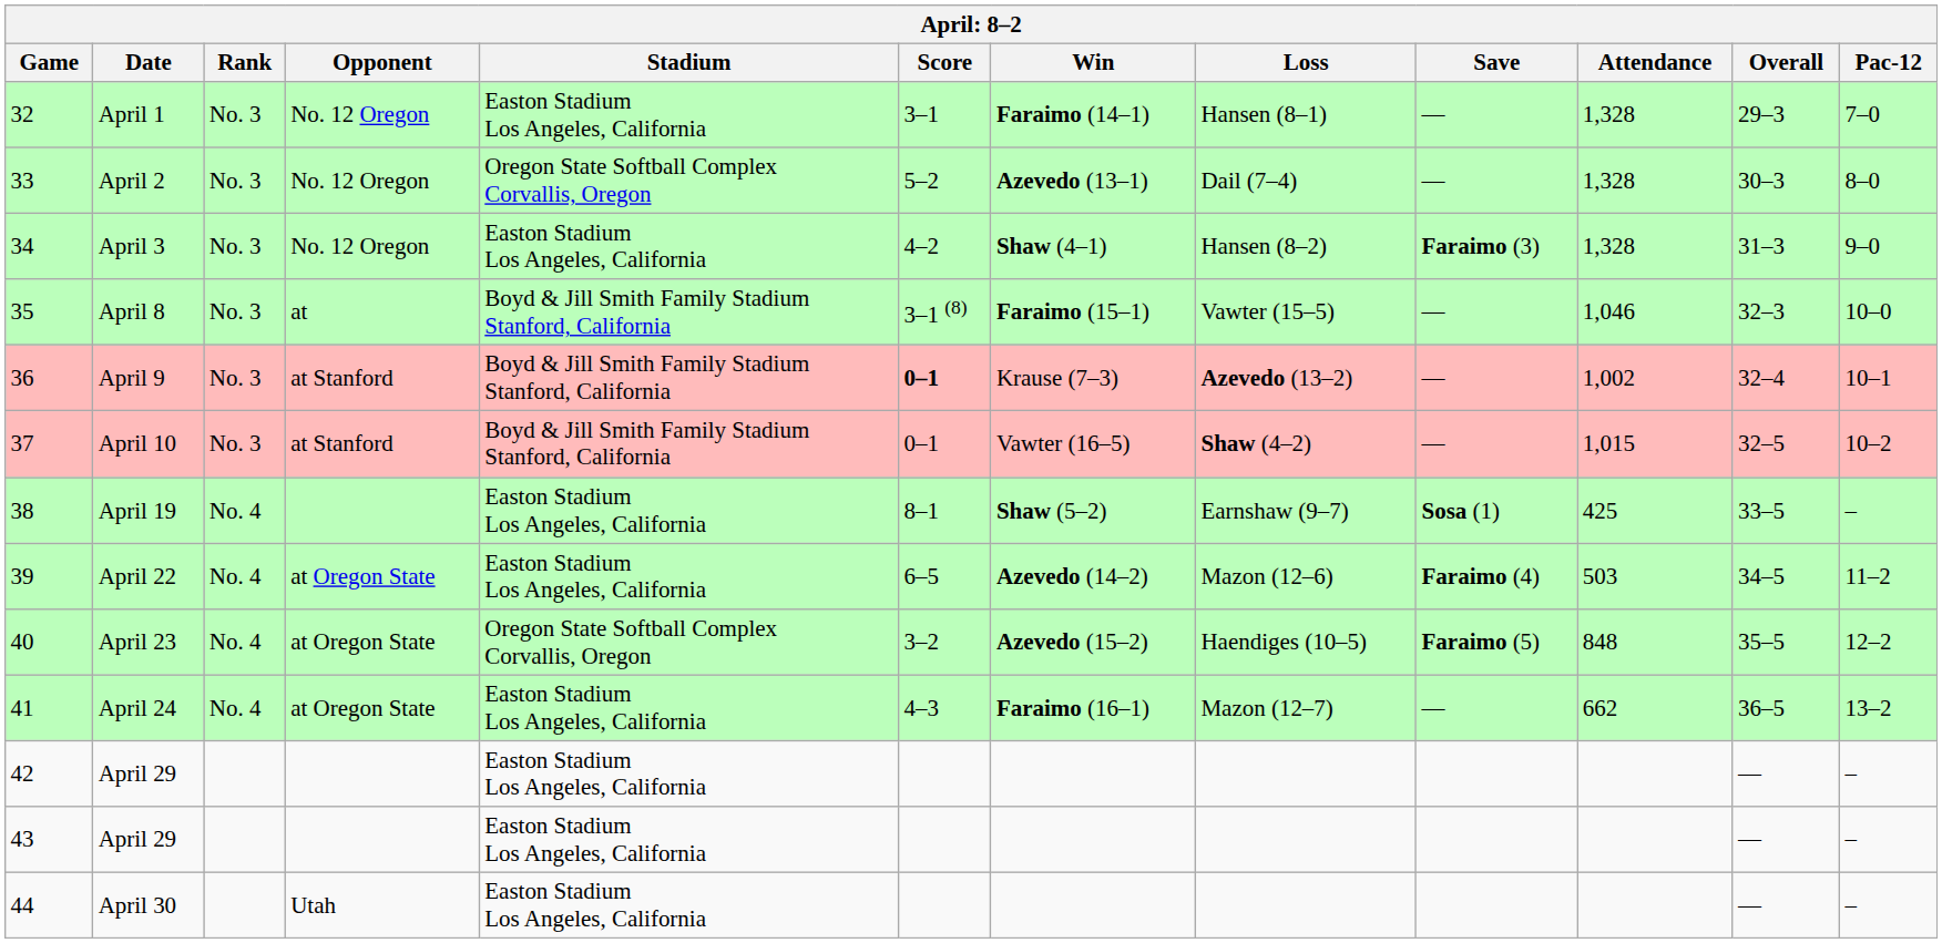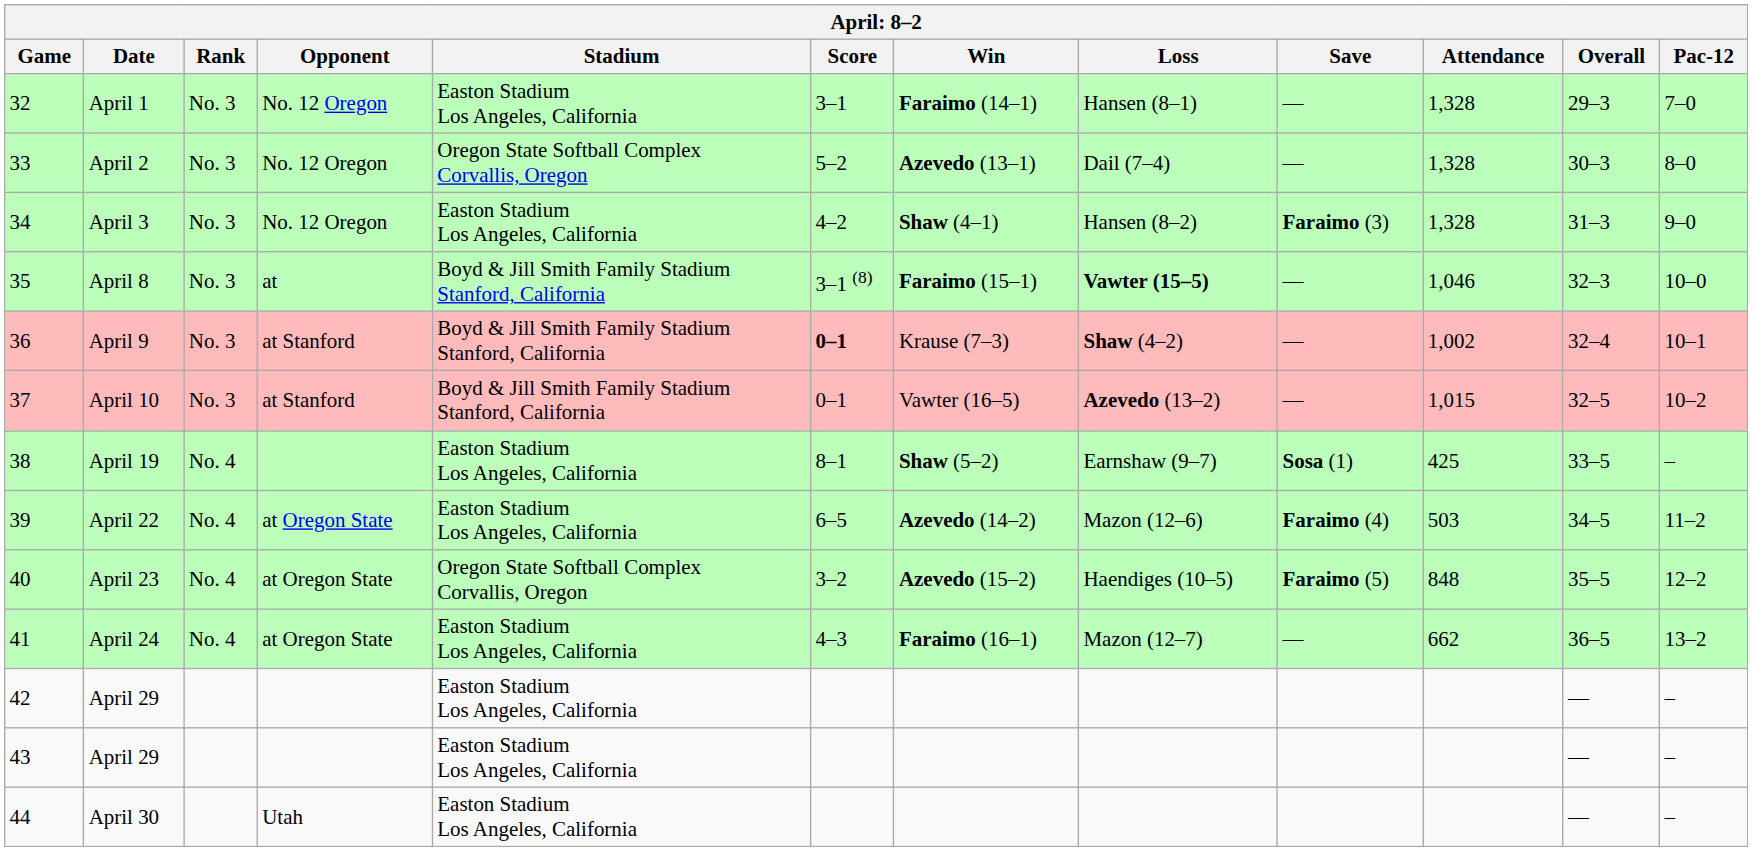 <table class="wikitable collapsible" style="margin:auto; font-size:95%; width:100%">
 <tr>
 <th colspan=12>April: 8–2</th>
 </tr>
 <tr>
 <th>Game</th>
 <th>Date</th>
 <th>Rank</th>
 <th>Opponent</th>
 <th>Stadium</th>
 <th>Score</th>
 <th>Win</th>
 <th>Loss</th>
 <th>Save</th>
 <th>Attendance</th>
 <th>Overall</th>
 <th>Pac-12</th>
 </tr>
 <tr style="background:#bfb;">
 <td>32</td>
 <td>April 1</td>
 <td>No. 3</td>
 <td>No. 12 <a href='#'>Oregon</a></td>
 <td>Easton Stadium<br>Los Angeles, California</td>
 <td>3–1</td>
 <td><strong>Faraimo</strong> (14–1)</td>
 <td>Hansen (8–1)</td>
 <td>—</td>
 <td>1,328</td>
 <td>29–3</td>
 <td>7–0</td>
 </tr>
 <tr style="background:#bfb;">
 <td>33</td>
 <td>April 2</td>
 <td>No. 3</td>
 <td>No. 12 Oregon</td>
 <td>Oregon State Softball Complex<br><a href='#'>Corvallis, Oregon</a></td>
 <td>5–2</td>
 <td><strong>Azevedo</strong> (13–1)</td>
 <td>Dail (7–4)</td>
 <td>—</td>
 <td>1,328</td>
 <td>30–3</td>
 <td>8–0</td>
 </tr>
 <tr style="background:#bfb;">
 <td>34</td>
 <td>April 3</td>
 <td>No. 3</td>
 <td>No. 12 Oregon</td>
 <td>Easton Stadium<br>Los Angeles, California</td>
 <td>4–2</td>
 <td><strong>Shaw</strong> (4–1)</td>
 <td>Hansen (8–2)</td>
 <td><strong>Faraimo</strong> (3)</td>
 <td>1,328</td>
 <td>31–3</td>
 <td>9–0</td>
 </tr>
 <tr style="background:#bfb;">
 <td>35</td>
 <td>April 8</td>
 <td>No. 3</td>
 <td>at </td>
 <td>Boyd & Jill Smith Family Stadium<br><a href='#'>Stanford, California</a></td>
 <td>3–1 <sup>(8)</sup></td>
 <td><strong>Faraimo</strong> (15–1)</td>
-<td>Vawter (15–5)</td>
+<td><strong>Vawter (15–5)</strong></td>
 <td>—</td>
 <td>1,046</td>
 <td>32–3</td>
 <td>10–0</td>
 </tr>
 <tr style="background:#fbb;">
 <td>36</td>
 <td>April 9</td>
 <td>No. 3</td>
 <td>at Stanford</td>
 <td>Boyd & Jill Smith Family Stadium<br>Stanford, California</td>
 <td><strong>0–1</strong></td>
 <td>Krause (7–3)</td>
-<td><strong>Azevedo</strong> (13–2)</td>
+<td><strong>Shaw</strong> (4–2)</td>
 <td>—</td>
 <td>1,002</td>
 <td>32–4</td>
 <td>10–1</td>
 </tr>
 <tr style="background:#fbb;">
 <td>37</td>
 <td>April 10</td>
 <td>No. 3</td>
 <td>at Stanford</td>
 <td>Boyd & Jill Smith Family Stadium<br>Stanford, California</td>
 <td>0–1</td>
 <td>Vawter (16–5)</td>
-<td><strong>Shaw</strong> (4–2)</td>
+<td><strong>Azevedo</strong> (13–2)</td>
 <td>—</td>
 <td>1,015</td>
 <td>32–5</td>
 <td>10–2</td>
 </tr>
 <tr style="background:#bfb;">
 <td>38</td>
 <td>April 19</td>
 <td>No. 4</td>
 <td></td>
 <td>Easton Stadium<br>Los Angeles, California</td>
 <td>8–1</td>
 <td><strong>Shaw</strong> (5–2)</td>
 <td>Earnshaw (9–7)</td>
 <td><strong>Sosa</strong> (1)</td>
 <td>425</td>
 <td>33–5</td>
 <td>–</td>
 </tr>
 <tr style="background:#bfb;">
 <td>39</td>
 <td>April 22</td>
 <td>No. 4</td>
 <td>at <a href='#'>Oregon State</a></td>
 <td>Easton Stadium<br>Los Angeles, California</td>
 <td>6–5</td>
 <td><strong>Azevedo</strong> (14–2)</td>
 <td>Mazon (12–6)</td>
 <td><strong>Faraimo</strong> (4)</td>
 <td>503</td>
 <td>34–5</td>
 <td>11–2</td>
 </tr>
 <tr style="background:#bfb;">
 <td>40</td>
 <td>April 23</td>
 <td>No. 4</td>
 <td>at Oregon State</td>
 <td>Oregon State Softball Complex<br>Corvallis, Oregon</td>
 <td>3–2</td>
 <td><strong>Azevedo</strong> (15–2)</td>
 <td>Haendiges (10–5)</td>
 <td><strong>Faraimo</strong> (5)</td>
 <td>848</td>
 <td>35–5</td>
 <td>12–2</td>
 </tr>
 <tr style="background:#bfb;">
 <td>41</td>
 <td>April 24</td>
 <td>No. 4</td>
 <td>at Oregon State</td>
 <td>Easton Stadium<br>Los Angeles, California</td>
 <td>4–3</td>
 <td><strong>Faraimo</strong> (16–1)</td>
 <td>Mazon (12–7)</td>
 <td>—</td>
 <td>662</td>
 <td>36–5</td>
 <td>13–2</td>
 </tr>
 <tr style="background:">
 <td>42</td>
 <td>April 29</td>
 <td></td>
 <td></td>
 <td>Easton Stadium<br>Los Angeles, California</td>
 <td></td>
 <td></td>
 <td></td>
 <td></td>
 <td></td>
 <td>—</td>
 <td>–</td>
 </tr>
 <tr style="background:">
 <td>43</td>
 <td>April 29</td>
 <td></td>
 <td></td>
 <td>Easton Stadium<br>Los Angeles, California</td>
 <td></td>
 <td></td>
 <td></td>
 <td></td>
 <td></td>
 <td>—</td>
 <td>–</td>
 </tr>
 <tr style="background:">
 <td>44</td>
 <td>April 30</td>
 <td></td>
 <td>Utah</td>
 <td>Easton Stadium<br>Los Angeles, California</td>
 <td></td>
 <td></td>
 <td></td>
 <td></td>
 <td></td>
 <td>—</td>
 <td>–</td>
 </tr>
 </table>
